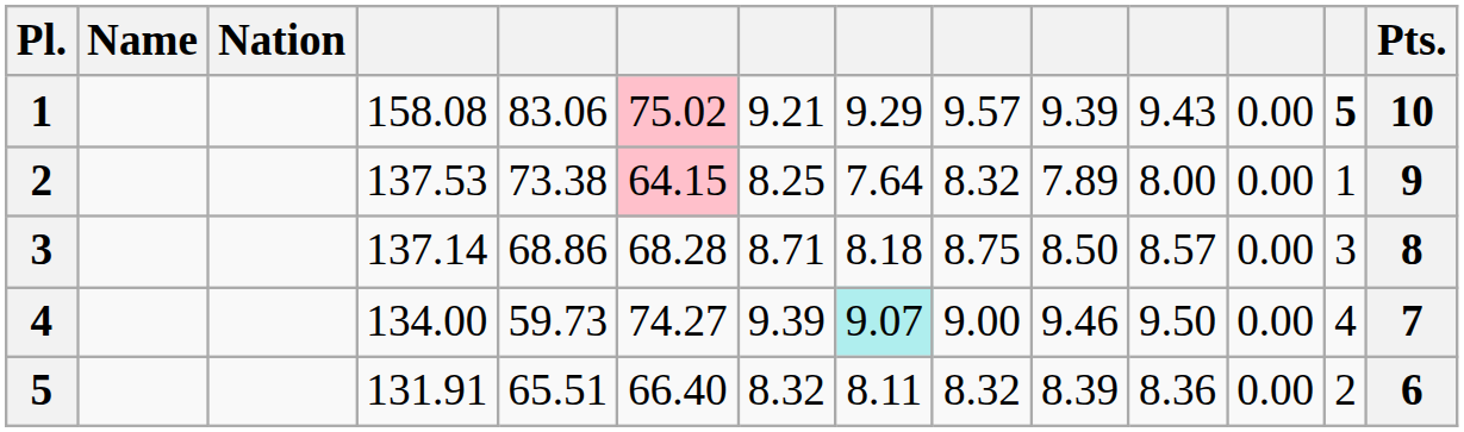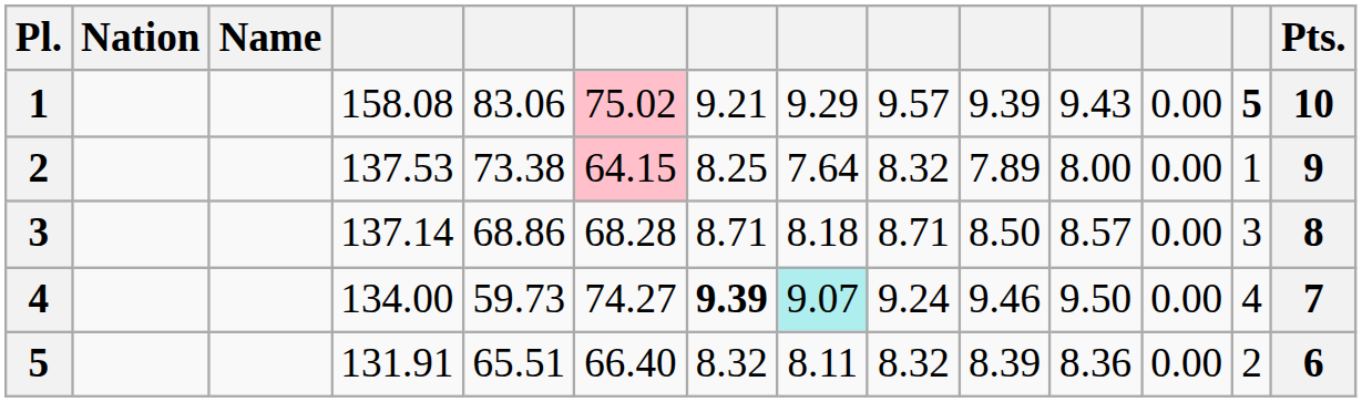 <table class="wikitable sortable" style="text-align:center">
 <tr>
 <th>Pl.</th>
+<th>Nation</th>
 <th>Name</th>
-<th>Nation</th>
 <th></th>
 <th></th>
 <th></th>
 <th></th>
 <th></th>
 <th></th>
 <th></th>
 <th></th>
 <th></th>
 <th></th>
 <th>Pts.</th>
 </tr>
 <tr>
 <th>1</th>
 <td align=left></td>
 <td align=left></td>
 <td>158.08</td>
 <td>83.06</td>
 <td style="background: pink;">75.02</td>
 <td>9.21</td>
 <td>9.29</td>
 <td>9.57</td>
 <td>9.39</td>
 <td>9.43</td>
 <td>0.00</td>
 <td><strong>5</strong></td>
 <th>10</th>
 </tr>
 <tr>
 <th>2</th>
 <td align=left></td>
 <td align=left></td>
 <td>137.53</td>
 <td>73.38</td>
 <td style="background: pink;">64.15</td>
 <td>8.25</td>
 <td>7.64</td>
 <td>8.32</td>
 <td>7.89</td>
 <td>8.00</td>
 <td>0.00</td>
 <td>1</td>
 <th>9</th>
 </tr>
 <tr>
 <th>3</th>
 <td align=left></td>
 <td align=left></td>
 <td>137.14</td>
 <td>68.86</td>
 <td>68.28</td>
 <td>8.71</td>
 <td>8.18</td>
-<td>8.75</td>
+<td>8.71</td>
 <td>8.50</td>
 <td>8.57</td>
 <td>0.00</td>
 <td>3</td>
 <th>8</th>
 </tr>
 <tr>
 <th>4</th>
 <td align=left></td>
 <td align=left></td>
 <td>134.00</td>
 <td>59.73</td>
 <td>74.27</td>
-<td>9.39</td>
+<td><strong>9.39</strong></td>
 <td style="background: paleturquoise;">9.07</td>
-<td>9.00</td>
+<td>9.24</td>
 <td>9.46</td>
 <td>9.50</td>
 <td>0.00</td>
 <td>4</td>
 <th>7</th>
 </tr>
 <tr>
 <th>5</th>
 <td align="left"></td>
 <td align="left"></td>
 <td>131.91</td>
 <td>65.51</td>
 <td>66.40</td>
 <td>8.32</td>
 <td>8.11</td>
 <td>8.32</td>
 <td>8.39</td>
 <td>8.36</td>
 <td>0.00</td>
 <td>2</td>
 <th>6</th>
 </tr>
 </table>
